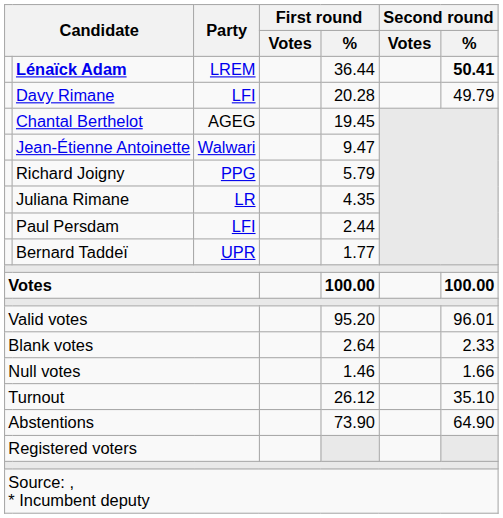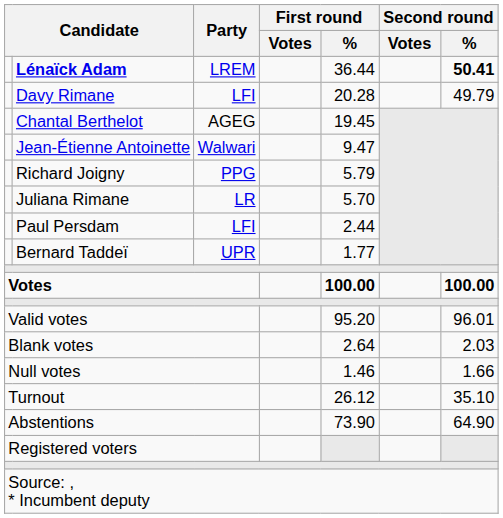 <table class="wikitable" style="text-align:right;font-size:95%;">
 <tr>
 <th rowspan="2" colspan="2">Candidate</th>
 <th rowspan="2">Party</th>
 <th colspan="2">First round</th>
 <th colspan="2">Second round</th>
 </tr>
 <tr>
 <th style="width:50px;">Votes</th>
 <th style="width:45px;">%</th>
 <th style="width:50px;">Votes</th>
 <th style="width:45px;">%</th>
 </tr>
 <tr>
 <td style="background:"></td>
 <td style="text-align:left;"><strong><a href='#'>Lénaïck Adam</a></strong></td>
 <td><a href='#'>LREM</a></td>
 <td></td>
 <td>36.44</td>
 <td><strong></strong></td>
 <td><strong>50.41</strong></td>
 </tr>
 <tr>
 <td style="background:"></td>
 <td style="text-align:left;"><a href='#'>Davy Rimane</a></td>
 <td><a href='#'>LFI</a></td>
 <td></td>
 <td>20.28</td>
 <td></td>
 <td>49.79</td>
 </tr>
 <tr>
 <td style="background:"></td>
 <td style="text-align:left;"><a href='#'>Chantal Berthelot</a></td>
 <td>AGEG</td>
 <td></td>
 <td>19.45</td>
 <td colspan="2" rowspan="6" style="background:#E9E9E9;"></td>
 </tr>
 <tr>
 <td style="background:"></td>
 <td style="text-align:left;"><a href='#'>Jean-Étienne Antoinette</a></td>
 <td><a href='#'>Walwari</a></td>
 <td></td>
 <td>9.47</td>
 </tr>
 <tr>
 <td style="background:"></td>
 <td style="text-align:left;">Richard Joigny</td>
 <td><a href='#'>PPG</a></td>
 <td></td>
 <td>5.79</td>
 </tr>
 <tr>
 <td style="background:"></td>
 <td style="text-align:left;">Juliana Rimane</td>
 <td><a href='#'>LR</a></td>
 <td></td>
-<td>4.35</td>
+<td>5.70</td>
 </tr>
 <tr>
 <td style="background:"></td>
 <td style="text-align:left;">Paul Persdam</td>
 <td><a href='#'>LFI</a></td>
 <td></td>
 <td>2.44</td>
 </tr>
 <tr>
 <td style="background:"></td>
 <td style="text-align:left;">Bernard Taddeï</td>
 <td><a href='#'>UPR</a></td>
 <td></td>
 <td>1.77</td>
 </tr>
 <tr>
 <td colspan="7" style="background:#E9E9E9;"></td>
 </tr>
 <tr style="font-weight:bold;">
 <td colspan="3" style="text-align:left;">Votes</td>
 <td></td>
 <td>100.00</td>
 <td></td>
 <td>100.00</td>
 </tr>
 <tr>
 <td colspan="7" style="background:#E9E9E9;"></td>
 </tr>
 <tr>
 <td colspan="3" style="text-align:left;">Valid votes</td>
 <td></td>
 <td>95.20</td>
 <td></td>
 <td>96.01</td>
 </tr>
 <tr>
 <td colspan="3" style="text-align:left;">Blank votes</td>
 <td></td>
 <td>2.64</td>
 <td></td>
-<td>2.33</td>
+<td>2.03</td>
 </tr>
 <tr>
 <td colspan="3" style="text-align:left;">Null votes</td>
 <td></td>
 <td>1.46</td>
 <td></td>
 <td>1.66</td>
 </tr>
 <tr>
 <td colspan="3" style="text-align:left;">Turnout</td>
 <td></td>
 <td>26.12</td>
 <td></td>
 <td>35.10</td>
 </tr>
 <tr>
 <td colspan="3" style="text-align:left;">Abstentions</td>
 <td></td>
 <td>73.90</td>
 <td></td>
 <td>64.90</td>
 </tr>
 <tr>
 <td colspan="3" style="text-align:left;">Registered voters</td>
 <td></td>
 <td style="background:#E9E9E9;"></td>
 <td></td>
 <td style="background:#E9E9E9;"></td>
 </tr>
 <tr>
 <td colspan="7" style="background:#E9E9E9;"></td>
 </tr>
 <tr>
 <td colspan="7" style="text-align:left;">Source: , <br>* Incumbent deputy</td>
 </tr>
 </table>
